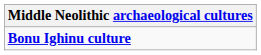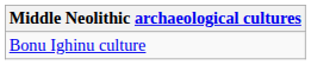 <table class="wikitable">
 <tr>
 <th>Middle Neolithic <a href='#'>archaeological cultures</a></th>
 </tr>
 <tr>
-<td><strong><a href='#'>Bonu Ighinu culture</a></strong></td>
+<td><a href='#'>Bonu Ighinu culture</a></td>
 </tr>
 </table>
